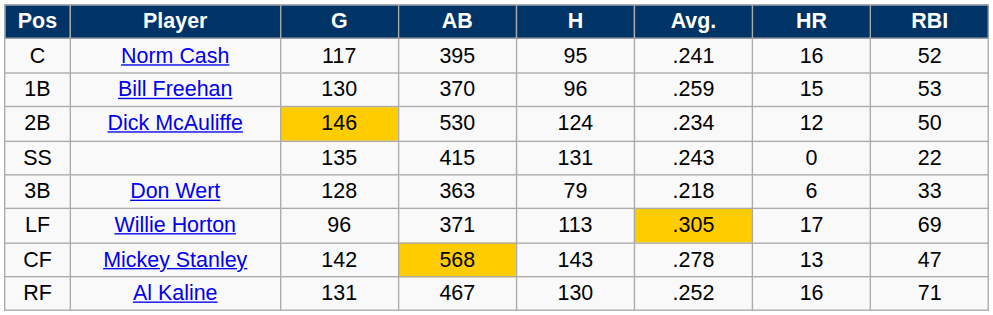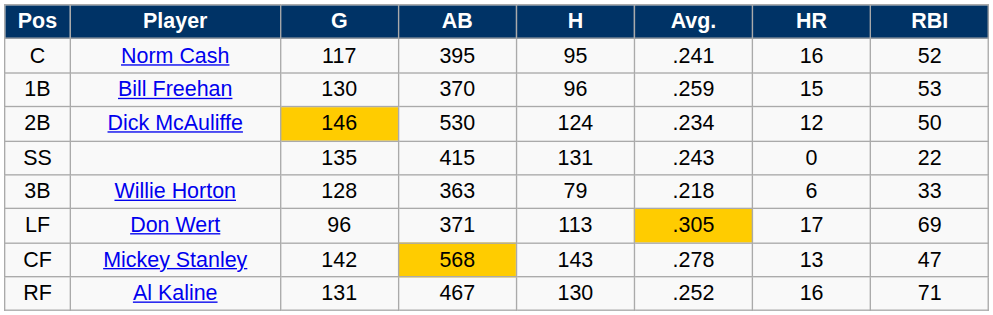 <table class="wikitable sortable">
 <tr>
 <th style="background:#003366;color:white;" width="5%">Pos</th>
 <th style="background:#003366;color:white;" width="16%">Player</th>
 <th style="background:#003366;color:white;" width="9%">G</th>
 <th style="background:#003366;color:white;" width="9%">AB</th>
 <th style="background:#003366;color:white;" width="9%">H</th>
 <th style="background:#003366;color:white;" width="9%">Avg.</th>
 <th style="background:#003366;color:white;" width="9%">HR</th>
 <th style="background:#003366;color:white;" width="9%">RBI</th>
 </tr>
 <tr align="center">
 <td>C</td>
 <td><a href='#'>Norm Cash</a></td>
 <td>117</td>
 <td>395</td>
 <td>95</td>
 <td>.241</td>
 <td>16</td>
 <td>52</td>
 </tr>
 <tr align="center">
 <td>1B</td>
 <td><a href='#'>Bill Freehan</a></td>
 <td>130</td>
 <td>370</td>
 <td>96</td>
 <td>.259</td>
 <td>15</td>
 <td>53</td>
 </tr>
 <tr align="center">
 <td>2B</td>
 <td><a href='#'>Dick McAuliffe</a></td>
 <td style="background:#fc0;">146</td>
 <td>530</td>
 <td>124</td>
 <td>.234</td>
 <td>12</td>
 <td>50</td>
 </tr>
 <tr align="center">
 <td>SS</td>
 <td></td>
 <td>135</td>
 <td>415</td>
 <td>131</td>
 <td>.243</td>
 <td>0</td>
 <td>22</td>
 </tr>
 <tr align="center">
 <td>3B</td>
-<td><a href='#'>Don Wert</a></td>
+<td><a href='#'>Willie Horton</a></td>
 <td>128</td>
 <td>363</td>
 <td>79</td>
 <td>.218</td>
 <td>6</td>
 <td>33</td>
 </tr>
 <tr align="center">
 <td>LF</td>
-<td><a href='#'>Willie Horton</a></td>
+<td><a href='#'>Don Wert</a></td>
 <td>96</td>
 <td>371</td>
 <td>113</td>
 <td style="background:#fc0;">.305</td>
 <td>17</td>
 <td>69</td>
 </tr>
 <tr align="center">
 <td>CF</td>
 <td><a href='#'>Mickey Stanley</a></td>
 <td>142</td>
 <td style="background:#fc0;">568</td>
 <td>143</td>
 <td>.278</td>
 <td>13</td>
 <td>47</td>
 </tr>
 <tr align="center">
 <td>RF</td>
 <td><a href='#'>Al Kaline</a></td>
 <td>131</td>
 <td>467</td>
 <td>130</td>
 <td>.252</td>
 <td>16</td>
 <td>71</td>
 </tr>
 </table>
